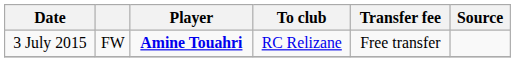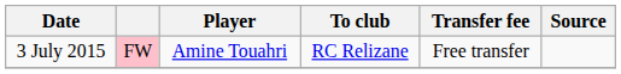 <table class="wikitable sortable" style="width:70%; text-align:center; font-size:85%; text-align:centre;">
 <tr>
 <th><strong>Date</strong></th>
 <th><strong></strong></th>
 <th><strong>Player</strong></th>
 <th><strong>To club</strong></th>
 <th><strong>Transfer fee</strong></th>
 <th><strong>Source</strong></th>
 </tr>
 <tr>
 <td>3 July 2015</td>
-<td>FW</td>
-<td><strong> <a href='#'>Amine Touahri</a></strong></td>
+<td style="background: pink;">FW</td>
+<td> <a href='#'>Amine Touahri</a></td>
 <td><a href='#'>RC Relizane</a></td>
 <td>Free transfer</td>
 <td></td>
 </tr>
 <tr>
 </tr>
 </table>
